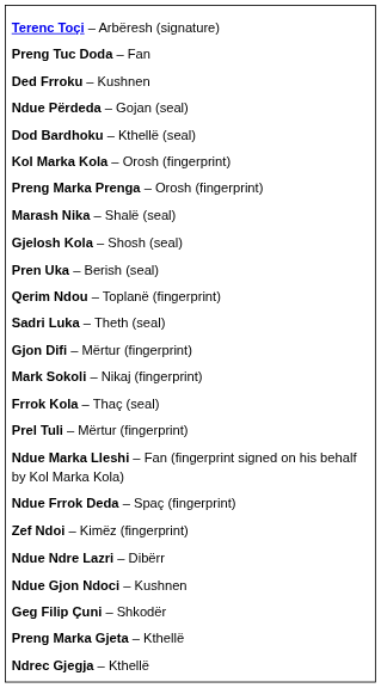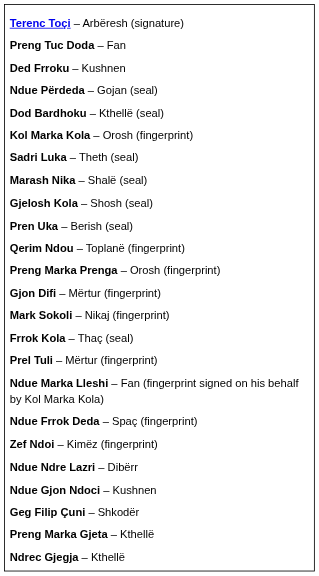 <table cellpadding="1" cellspacing="5" style="border:1px solid #000000; font-size:85%; line-height: 1.5em;" width="30%">
 <tr>
 <td align=center></td>
 </tr>
 <tr>
 <td><strong><a href='#'>Terenc Toçi</a></strong> – Arbëresh (signature)</td>
 </tr>
 <tr>
 <td><strong>Preng Tuc Doda</strong> – Fan</td>
 </tr>
 <tr>
 <td><strong>Ded Frroku</strong> – Kushnen</td>
 </tr>
 <tr>
 <td><strong>Ndue Përdeda</strong> – Gojan (seal)</td>
 </tr>
 <tr>
 <td><strong>Dod Bardhoku</strong> – Kthellë (seal)</td>
 </tr>
 <tr>
 <td><strong>Kol Marka Kola</strong> – Orosh (fingerprint)</td>
 </tr>
 <tr>
-<td><strong>Preng Marka Prenga</strong> – Orosh (fingerprint)</td>
+<td><strong>Sadri Luka</strong> – Theth (seal)</td>
 </tr>
 <tr>
 <td><strong>Marash Nika</strong> – Shalë (seal)</td>
 </tr>
 <tr>
 <td><strong>Gjelosh Kola</strong> – Shosh (seal)</td>
 </tr>
 <tr>
 <td><strong>Pren Uka</strong> – Berish (seal)</td>
 </tr>
 <tr>
 <td><strong>Qerim Ndou</strong> – Toplanë (fingerprint)</td>
 </tr>
 <tr>
-<td><strong>Sadri Luka</strong> – Theth (seal)</td>
+<td><strong>Preng Marka Prenga</strong> – Orosh (fingerprint)</td>
 </tr>
 <tr>
 <td><strong>Gjon Difi</strong> – Mërtur (fingerprint)</td>
 </tr>
 <tr>
 <td><strong>Mark Sokoli</strong> – Nikaj (fingerprint)</td>
 </tr>
 <tr>
 <td><strong>Frrok Kola</strong> – Thaç (seal)</td>
 </tr>
 <tr>
 <td><strong>Prel Tuli</strong> – Mërtur (fingerprint)</td>
 </tr>
 <tr>
 <td><strong>Ndue Marka Lleshi</strong> – Fan (fingerprint signed on his behalf by Kol Marka Kola)</td>
 </tr>
 <tr>
 <td><strong>Ndue Frrok Deda</strong> – Spaç (fingerprint)</td>
 </tr>
 <tr>
 <td><strong>Zef Ndoi</strong> – Kimëz (fingerprint)</td>
 </tr>
 <tr>
 <td><strong>Ndue Ndre  Lazri</strong> – Dibërr</td>
 </tr>
 <tr>
 <td><strong>Ndue Gjon Ndoci</strong> – Kushnen</td>
 </tr>
 <tr>
 <td><strong>Geg Filip Çuni</strong> – Shkodër</td>
 </tr>
 <tr>
 <td><strong>Preng Marka Gjeta</strong> – Kthellë</td>
 </tr>
 <tr>
 <td><strong>Ndrec Gjegja</strong> – Kthellë</td>
 </tr>
 </table>
